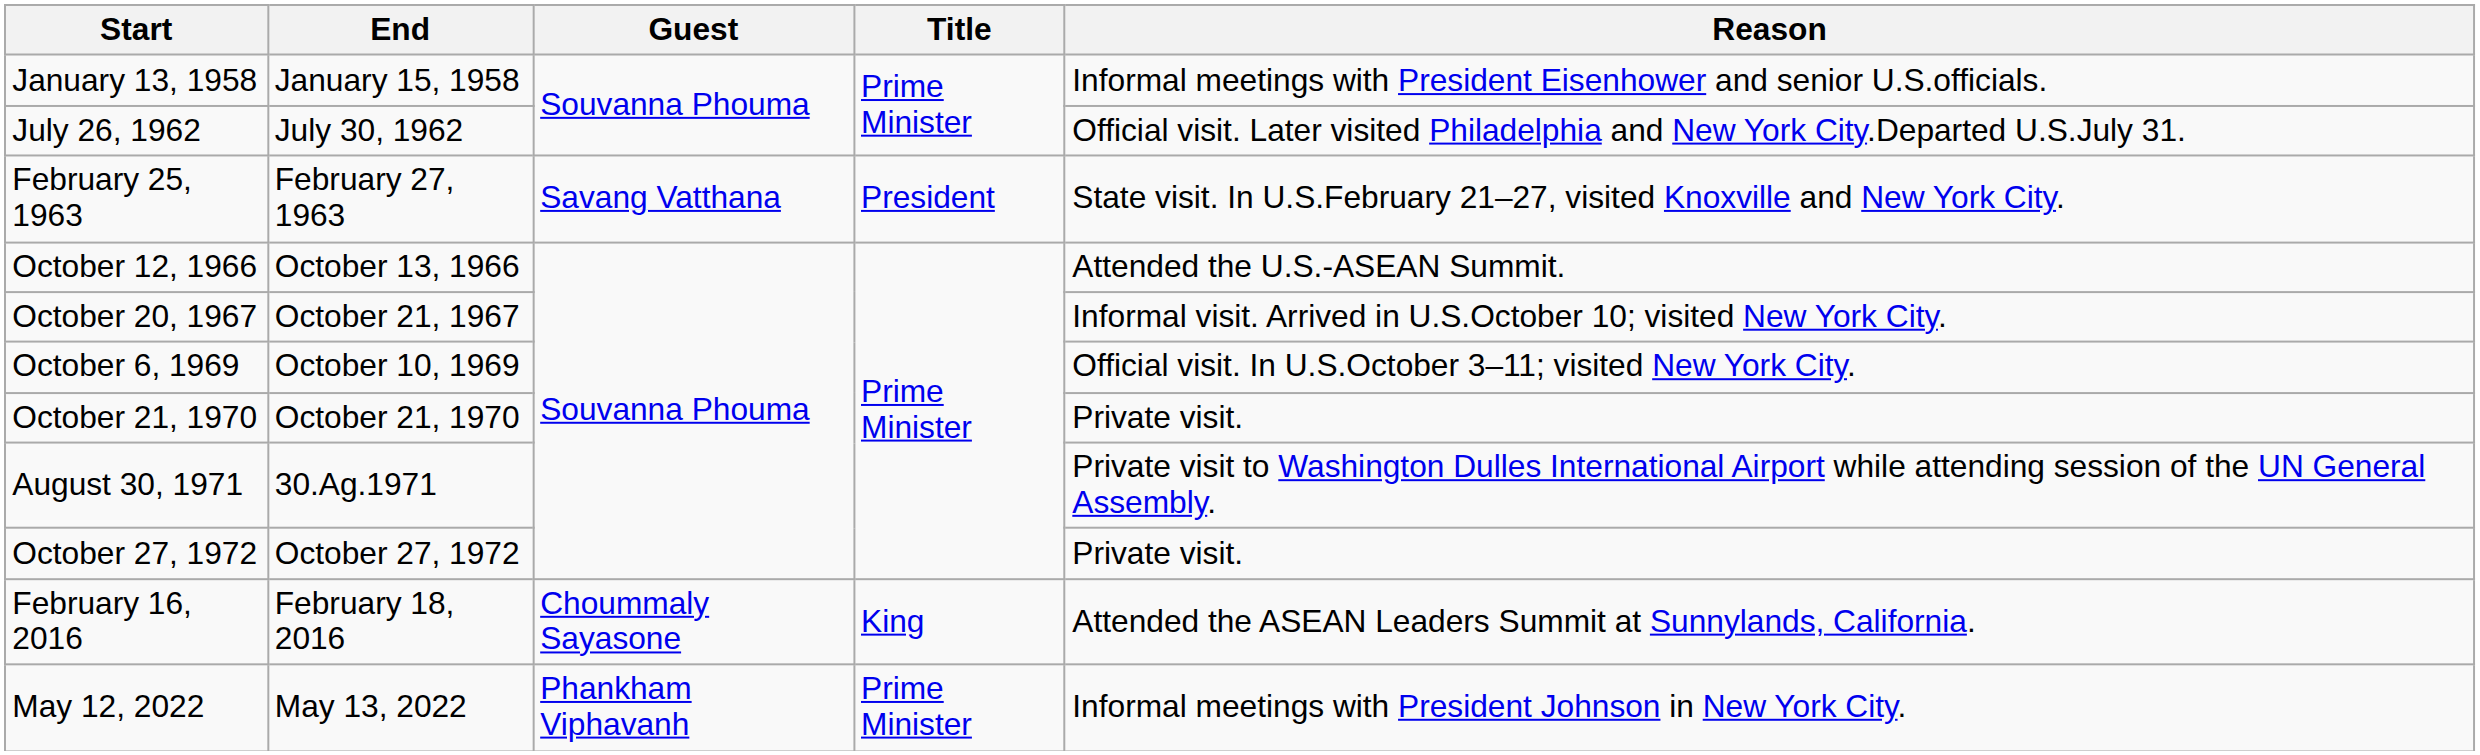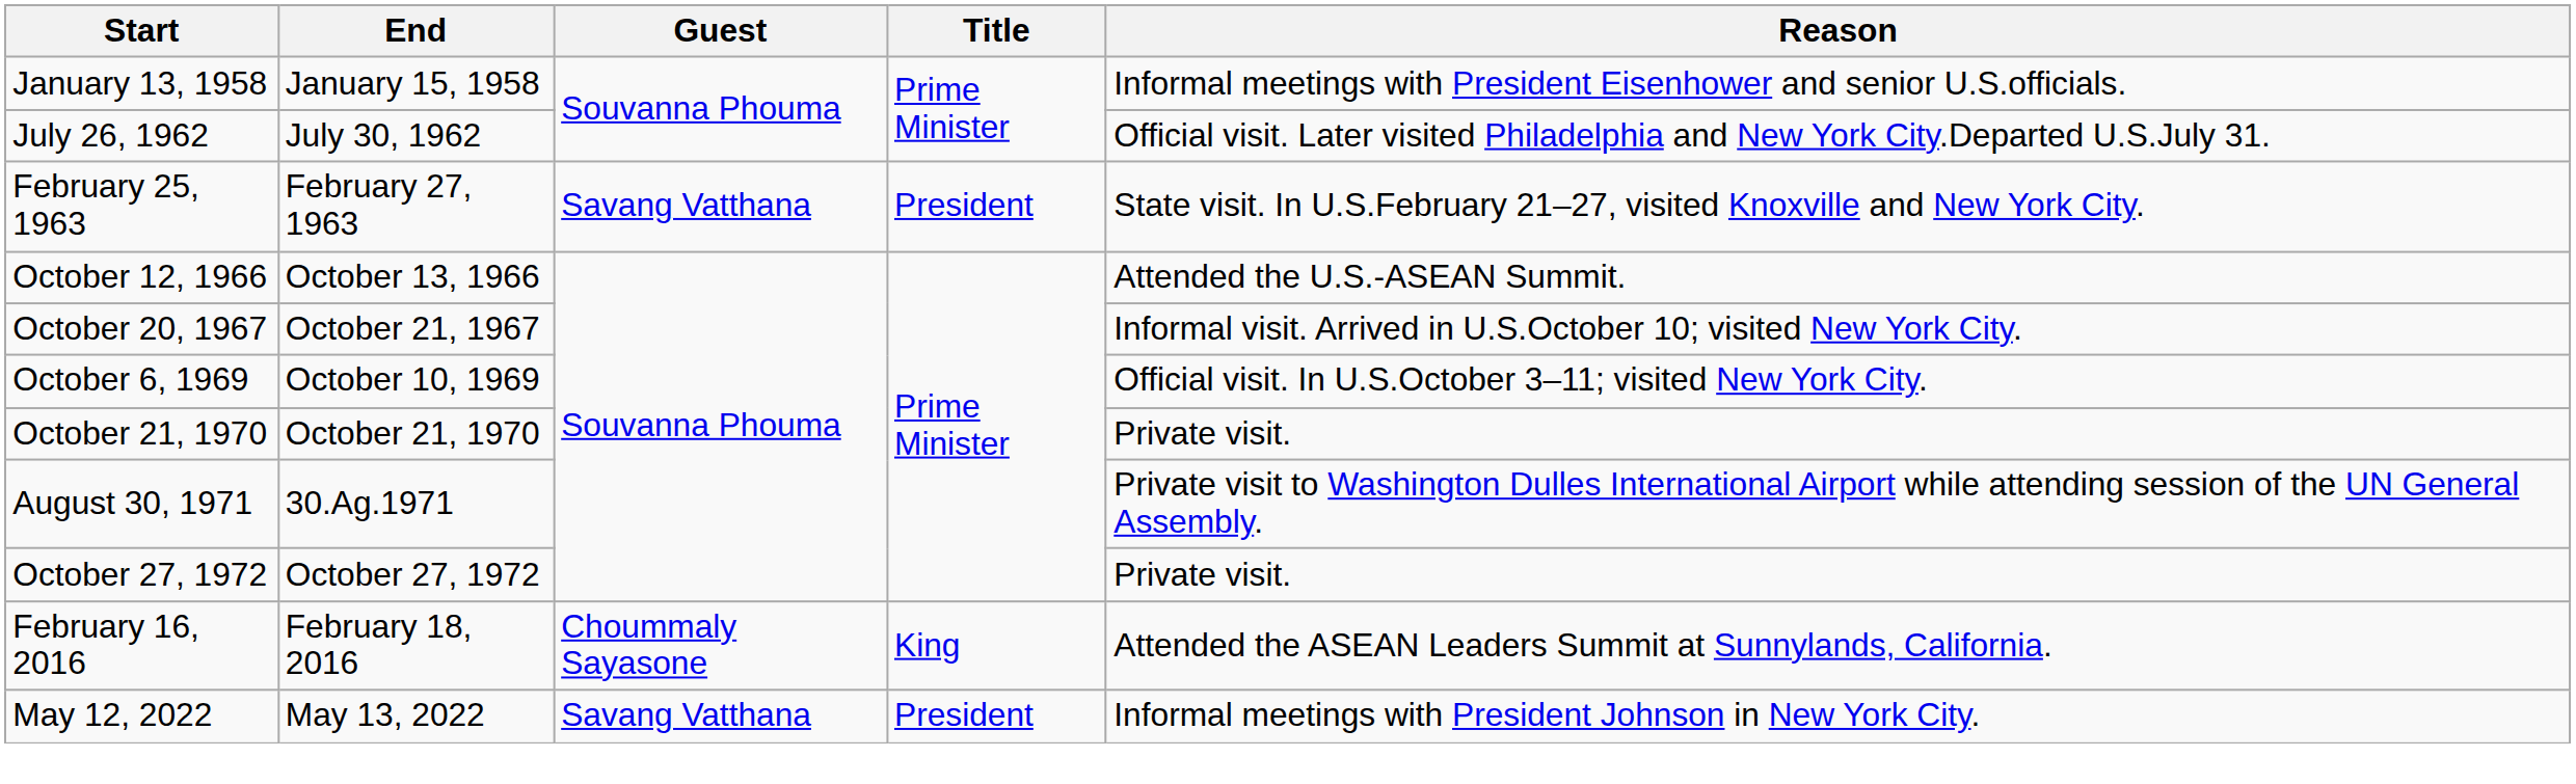 <table class="wikitable sortable">
 <tr>
 <th>Start</th>
 <th>End</th>
 <th>Guest</th>
 <th>Title</th>
 <th>Reason</th>
 </tr>
 <tr>
 <td>January 13, 1958</td>
 <td>January 15, 1958</td>
 <td rowspan=2><a href='#'>Souvanna Phouma</a></td>
 <td rowspan=2><a href='#'>Prime Minister</a></td>
 <td>Informal meetings with <a href='#'>President Eisenhower</a> and senior U.S.officials.</td>
 </tr>
 <tr>
 <td>July 26, 1962</td>
 <td>July 30, 1962</td>
 <td>Official visit. Later visited <a href='#'>Philadelphia</a> and <a href='#'>New York City</a>.Departed U.S.July 31.</td>
 </tr>
 <tr>
 <td>February 25, 1963</td>
 <td>February 27, 1963</td>
 <td><a href='#'>Savang Vatthana</a></td>
 <td><a href='#'>President</a></td>
 <td>State visit. In U.S.February 21–27, visited <a href='#'>Knoxville</a> and <a href='#'>New York City</a>.</td>
 </tr>
 <tr>
 <td>October 12, 1966</td>
 <td>October 13, 1966</td>
 <td rowspan=6><a href='#'>Souvanna Phouma</a></td>
 <td rowspan=6><a href='#'>Prime Minister</a></td>
 <td>Attended the U.S.-ASEAN Summit.</td>
 </tr>
 <tr>
 <td>October 20, 1967</td>
 <td>October 21, 1967</td>
 <td>Informal visit. Arrived in U.S.October 10; visited <a href='#'>New York City</a>.</td>
 </tr>
 <tr>
 <td>October 6, 1969</td>
 <td>October 10, 1969</td>
 <td>Official visit. In U.S.October 3–11; visited <a href='#'>New York City</a>.</td>
 </tr>
 <tr>
 <td>October 21, 1970</td>
 <td>October 21, 1970</td>
 <td>Private visit.</td>
 </tr>
 <tr>
 <td>August 30, 1971</td>
 <td>30.Ag.1971</td>
 <td>Private visit to <a href='#'>Washington Dulles International Airport</a> while attending session of the <a href='#'>UN General Assembly</a>.</td>
 </tr>
 <tr>
 <td>October 27, 1972</td>
 <td>October 27, 1972</td>
 <td>Private visit.</td>
 </tr>
 <tr>
 <td>February 16, 2016</td>
 <td>February 18, 2016</td>
 <td><a href='#'>Choummaly Sayasone</a></td>
 <td><a href='#'>King</a></td>
 <td>Attended the ASEAN Leaders Summit at <a href='#'>Sunnylands, California</a>.</td>
 </tr>
 <tr>
 <td>May 12, 2022</td>
 <td>May 13, 2022</td>
-<td><a href='#'>Phankham Viphavanh</a></td>
-<td><a href='#'>Prime Minister</a></td>
+<td><a href='#'>Savang Vatthana</a></td>
+<td><a href='#'>President</a></td>
 <td>Informal meetings with <a href='#'>President Johnson</a> in <a href='#'>New York City</a>.</td>
 </tr>
 </table>
